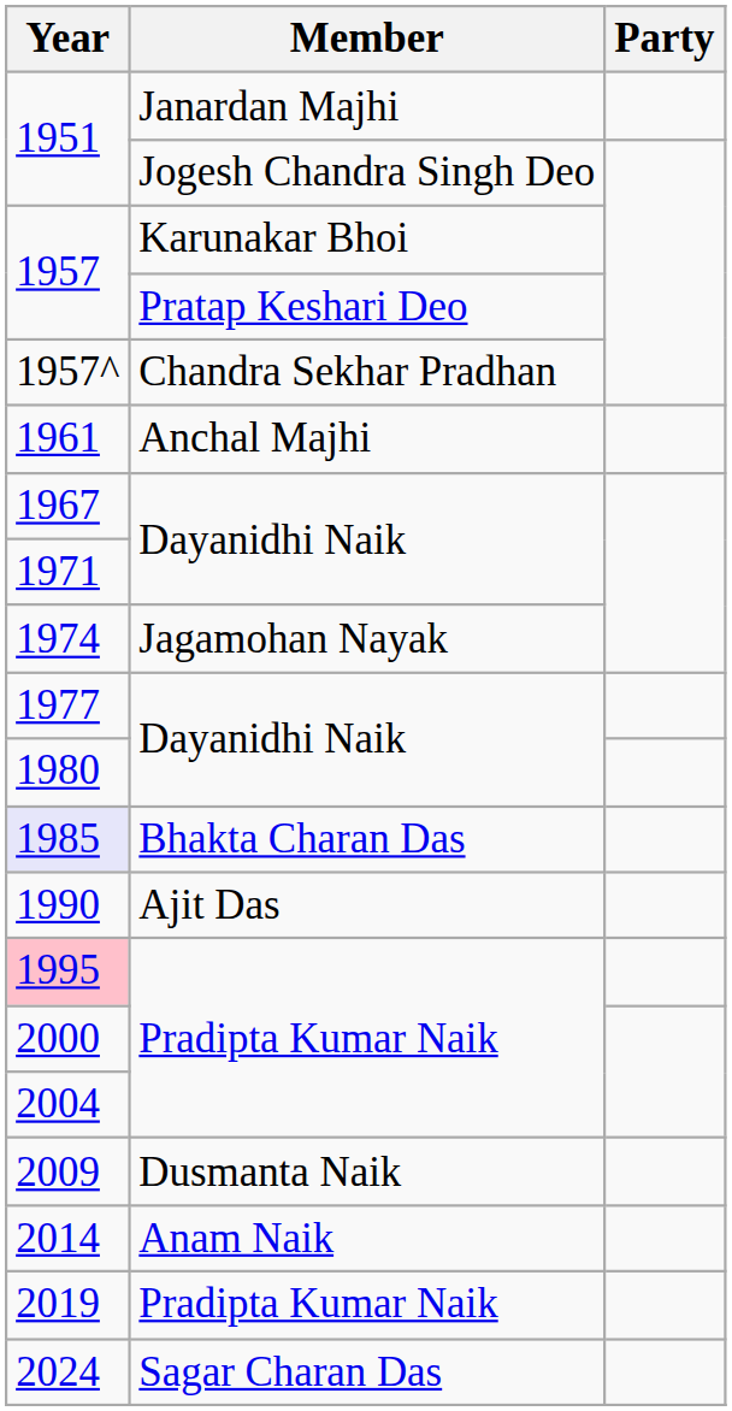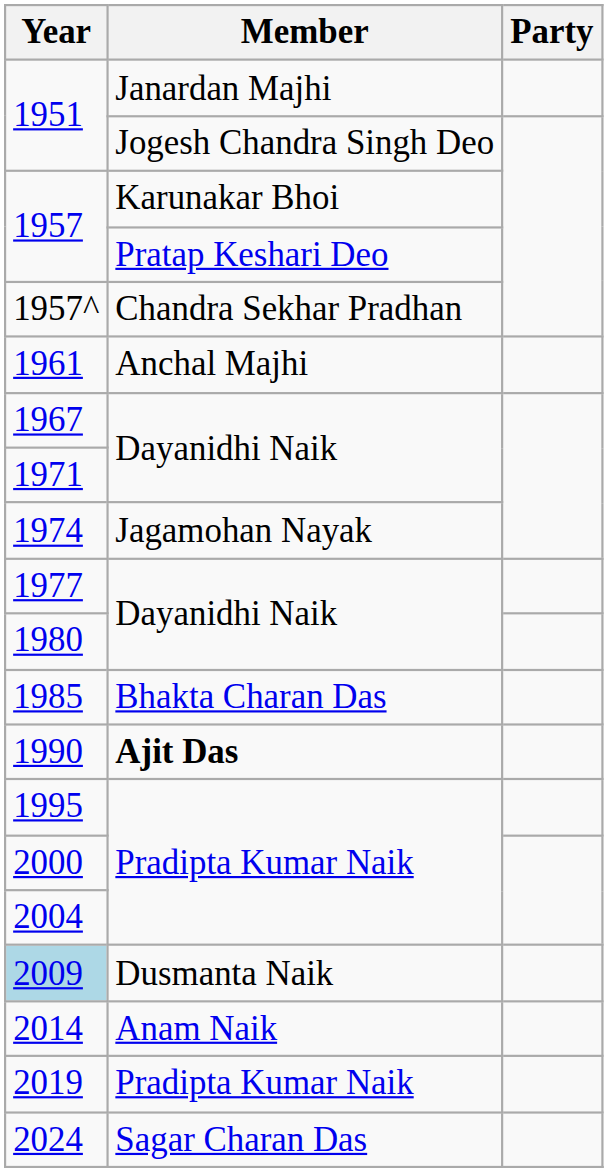 <table class="wikitable">
 <tr>
 <th>Year</th>
 <th>Member</th>
 <th colspan=2>Party</th>
 </tr>
 <tr>
 <td rowspan="2"><a href='#'>1951</a></td>
 <td>Janardan Majhi</td>
 <td></td>
 </tr>
 <tr>
 <td>Jogesh Chandra Singh Deo</td>
 </tr>
 <tr>
 <td rowspan="2"><a href='#'>1957</a></td>
 <td>Karunakar Bhoi</td>
 </tr>
 <tr>
 <td><a href='#'>Pratap Keshari Deo</a></td>
 </tr>
 <tr>
 <td>1957^</td>
 <td>Chandra Sekhar Pradhan</td>
 </tr>
 <tr>
 <td><a href='#'>1961</a></td>
 <td>Anchal Majhi</td>
 <td></td>
 </tr>
 <tr>
 <td><a href='#'>1967</a></td>
 <td rowspan=2>Dayanidhi Naik</td>
 </tr>
 <tr>
 <td><a href='#'>1971</a></td>
 </tr>
 <tr>
 <td><a href='#'>1974</a></td>
 <td>Jagamohan Nayak</td>
 </tr>
 <tr>
 <td><a href='#'>1977</a></td>
 <td rowspan=2>Dayanidhi Naik</td>
 <td></td>
 </tr>
 <tr>
 <td><a href='#'>1980</a></td>
 <td></td>
 </tr>
 <tr>
-<td style="background: lavender;"><a href='#'>1985</a></td>
+<td><a href='#'>1985</a></td>
 <td><a href='#'>Bhakta Charan Das</a></td>
 <td></td>
 </tr>
 <tr>
 <td><a href='#'>1990</a></td>
-<td>Ajit Das</td>
+<td><strong>Ajit Das</strong></td>
 <td></td>
 </tr>
 <tr>
-<td style="background: pink;"><a href='#'>1995</a></td>
+<td><a href='#'>1995</a></td>
 <td rowspan=3><a href='#'>Pradipta Kumar Naik</a></td>
 <td></td>
 </tr>
 <tr>
 <td><a href='#'>2000</a></td>
 </tr>
 <tr>
 <td><a href='#'>2004</a></td>
 </tr>
 <tr>
-<td><a href='#'>2009</a></td>
+<td style="background: lightblue;"><a href='#'>2009</a></td>
 <td>Dusmanta Naik</td>
 <td></td>
 </tr>
 <tr>
 <td><a href='#'>2014</a></td>
 <td><a href='#'>Anam Naik</a></td>
 <td></td>
 </tr>
 <tr>
 <td><a href='#'>2019</a></td>
 <td><a href='#'>Pradipta Kumar Naik</a></td>
 <td></td>
 </tr>
 <tr>
 <td><a href='#'>2024</a></td>
 <td><a href='#'>Sagar Charan Das</a></td>
 <td></td>
 </tr>
 <tr>
 </tr>
 </table>
